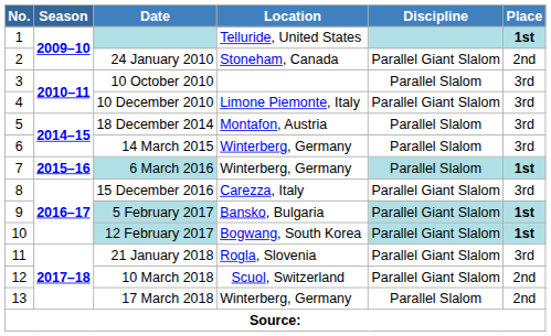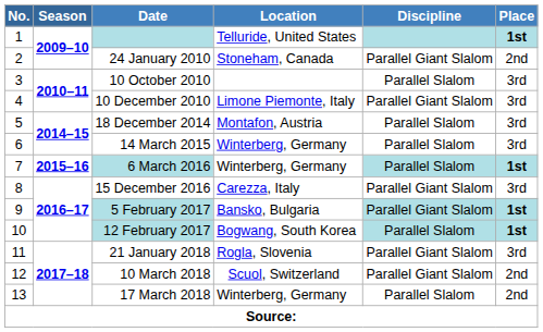 <table class="wikitable sortable" style="font-size:95%; text-align:center; border:grey solid 1px; border-collapse:collapse; background:#ffffff;">
 <tr style="background:#efefef;">
 <th style="background-color:#369; color:white;">No.</th>
 <th style="background-color:#369; color:white;">Season</th>
 <th style="background-color:#4180be; color:white;">Date</th>
 <th style="background-color:#4180be; color:white;">Location</th>
 <th style="background-color:#4180be; color:white;">Discipline</th>
 <th style="background-color:#4180be; color:white;">Place</th>
 </tr>
 <tr>
 <td>1</td>
 <td rowspan=2 align=center><strong><a href='#'>2009–10</a></strong></td>
 <td bgcolor="#BOEOE6" align=right></td>
 <td align=left> <a href='#'>Telluride</a>, United States </td>
 <td bgcolor="#BOEOE6"></td>
 <td bgcolor="#BOEOE6"><strong>1st</strong></td>
 </tr>
 <tr>
 <td>2</td>
 <td align=right>24 January 2010</td>
 <td align=left> <a href='#'>Stoneham</a>, Canada</td>
 <td>Parallel Giant Slalom</td>
 <td>2nd</td>
 </tr>
 <tr>
 <td>3</td>
 <td rowspan=2 align=center><strong><a href='#'>2010–11</a></strong></td>
 <td align=right>10 October 2010</td>
 <td align=left></td>
 <td>Parallel Slalom</td>
 <td>3rd</td>
 </tr>
 <tr>
 <td>4</td>
 <td align=right>10 December 2010</td>
 <td align=left> <a href='#'>Limone Piemonte</a>, Italy</td>
 <td>Parallel Giant Slalom</td>
 <td>3rd</td>
 </tr>
 <tr>
 <td>5</td>
 <td rowspan=2 align=center><strong><a href='#'>2014–15</a></strong></td>
 <td align=right>18 December 2014</td>
 <td align=left> <a href='#'>Montafon</a>, Austria</td>
 <td>Parallel Slalom</td>
 <td>3rd</td>
 </tr>
 <tr>
 <td>6</td>
 <td align=right>14 March 2015</td>
 <td align=left> <a href='#'>Winterberg</a>, Germany</td>
 <td>Parallel Slalom</td>
 <td>3rd</td>
 </tr>
 <tr>
 <td>7</td>
 <td align=center><strong><a href='#'>2015–16</a></strong></td>
 <td bgcolor="#BOEOE6" align=right>6 March 2016</td>
 <td align=left> Winterberg, Germany</td>
 <td bgcolor="#BOEOE6">Parallel Slalom</td>
 <td bgcolor="#BOEOE6"><strong>1st</strong></td>
 </tr>
 <tr>
 <td>8</td>
 <td rowspan=3 align=center><strong><a href='#'>2016–17</a></strong></td>
 <td align=right>15 December 2016</td>
 <td align=left> <a href='#'>Carezza</a>, Italy</td>
 <td>Parallel Giant Slalom</td>
 <td>3rd</td>
 </tr>
 <tr>
 <td>9</td>
 <td bgcolor="#BOEOE6" align=right>5 February 2017</td>
 <td align=left> <a href='#'>Bansko</a>, Bulgaria</td>
 <td bgcolor="#BOEOE6">Parallel Giant Slalom</td>
 <td bgcolor="#BOEOE6"><strong>1st</strong></td>
 </tr>
 <tr>
 <td>10</td>
 <td bgcolor="#BOEOE6" align=right>12 February 2017</td>
 <td align=left> <a href='#'>Bogwang</a>, South Korea</td>
-<td bgcolor="#BOEOE6">Parallel Giant Slalom</td>
+<td bgcolor="#BOEOE6">Parallel Slalom</td>
 <td bgcolor="#BOEOE6"><strong>1st</strong></td>
 </tr>
 <tr>
 <td>11</td>
 <td rowspan=3 align=center><strong><a href='#'>2017–18</a></strong></td>
 <td align=right>21 January 2018</td>
 <td align=left> <a href='#'>Rogla</a>, Slovenia</td>
 <td>Parallel Giant Slalom</td>
 <td>3rd</td>
 </tr>
 <tr>
 <td>12</td>
 <td align=right>10 March 2018</td>
 <td align=left>   <a href='#'>Scuol</a>, Switzerland</td>
 <td>Parallel Giant Slalom</td>
 <td>2nd</td>
 </tr>
 <tr>
 <td>13</td>
 <td align=right>17 March 2018</td>
 <td align=left> Winterberg, Germany</td>
 <td>Parallel Slalom</td>
 <td>2nd</td>
 </tr>
 <tr>
 <td colspan=6><strong>Source:</strong> </td>
 </tr>
 </table>
